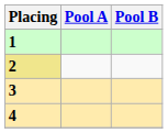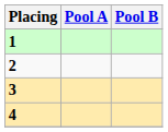 <table class=wikitable style="border:1px solid #AAAAAA;">
 <tr>
 <th>Placing</th>
 <th><a href='#'>Pool A</a></th>
 <th><a href='#'>Pool B</a></th>
 </tr>
 <tr style="background: #ccffcc;">
 <td><strong>1</strong></td>
 <td></td>
 <td></td>
 </tr>
 <tr>
-<td style="background: khaki;"><strong>2</strong></td>
+<td><strong>2</strong></td>
 <td> </td>
 <td></td>
 </tr>
 <tr style="background: #ffebad;">
 <td><strong>3</strong></td>
 <td></td>
 <td></td>
 </tr>
 <tr style="background: #ffebad;">
 <td><strong>4</strong></td>
 <td></td>
 <td></td>
 </tr>
 <tr>
 </tr>
 </table>
